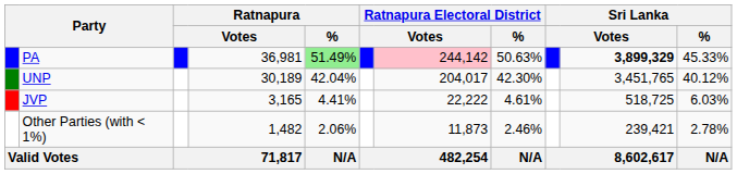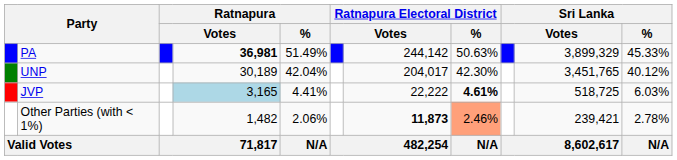 <table class="wikitable">
 <tr>
 <th colspan="2" width="144px"rowspan="2">Party</th>
 <th colspan="3" width="216px">Ratnapura</th>
 <th colspan="3" width="216px"><a href='#'>Ratnapura Electoral District</a></th>
 <th colspan="3" width="216px">Sri Lanka</th>
 </tr>
 <tr>
 <th colspan="2" width="144px">Votes</th>
 <th>%</th>
 <th colspan="2" width="144px">Votes</th>
 <th>%</th>
 <th colspan="2" width="144px">Votes</th>
 <th>%</th>
 </tr>
 <tr>
 <td style="background-color:blue;" width="10px"></td>
 <td style="text-align:left;"><a href='#'>PA</a></td>
 <td style="background-color:blue;" width="10px"></td>
-<td style="text-align:right;">36,981</td>
-<td style="background: lightgreen; text-align:right;">51.49%</td>
+<td style="text-align:right;"><strong>36,981</strong></td>
+<td style="text-align:right;">51.49%</td>
 <td style="background-color:blue;" width="10px"></td>
-<td style="background: pink; text-align:right;">244,142</td>
+<td style="text-align:right;">244,142</td>
 <td style="text-align:right;">50.63%</td>
 <td style="background-color:blue;" width="10px"></td>
-<td style="text-align:right;"><strong>3,899,329</strong></td>
+<td style="text-align:right;">3,899,329</td>
 <td style="text-align:right;">45.33%</td>
 </tr>
 <tr>
 <td style="background-color:green;" width="10px"></td>
 <td style="text-align:left;"><a href='#'>UNP</a></td>
 <td style="background-color:white;" width="10px"></td>
 <td style="text-align:right;">30,189</td>
 <td style="text-align:right;">42.04%</td>
 <td style="background-color:white;" width="10px"></td>
 <td style="text-align:right;">204,017</td>
 <td style="text-align:right;">42.30%</td>
 <td style="background-color:white;" width="10px"></td>
 <td style="text-align:right;">3,451,765</td>
 <td style="text-align:right;">40.12%</td>
 </tr>
 <tr>
 <td style="background-color:red;" width="10px"></td>
 <td style="text-align:left;"><a href='#'>JVP</a></td>
 <td style="background-color:white;" width="10px"></td>
-<td style="text-align:right;">3,165</td>
+<td style="background: lightblue; text-align:right;">3,165</td>
 <td style="text-align:right;">4.41%</td>
 <td style="background-color:white;" width="10px"></td>
 <td style="text-align:right;">22,222</td>
-<td style="text-align:right;">4.61%</td>
+<td style="text-align:right;"><strong>4.61%</strong></td>
 <td style="background-color:white;" width="10px"></td>
 <td style="text-align:right;">518,725</td>
 <td style="text-align:right;">6.03%</td>
 </tr>
 <tr>
 <td style="background-color:white;" width="10px"></td>
 <td style="text-align:left;">Other Parties (with < 1%)</td>
 <td style="background-color:white;" width="10px"></td>
 <td style="text-align:right;">1,482</td>
 <td style="text-align:right;">2.06%</td>
 <td style="background-color:white;" width="10px"></td>
-<td style="text-align:right;">11,873</td>
-<td style="text-align:right;">2.46%</td>
+<td style="text-align:right;"><strong>11,873</strong></td>
+<td style="background: lightsalmon; text-align:right;">2.46%</td>
 <td style="background-color:white;" width="10px"></td>
 <td style="text-align:right;">239,421</td>
 <td style="text-align:right;">2.78%</td>
 </tr>
 <tr>
 <th colspan="2" width="144px"style="text-align:left;">Valid Votes</th>
 <th style="text-align:right;"colspan="2" width="144px">71,817</th>
 <th style="text-align:right;">N/A</th>
 <th style="text-align:right;"colspan="2" width="144px">482,254</th>
 <th style="text-align:right;">N/A</th>
 <th style="text-align:right;"colspan="2" width="144px">8,602,617</th>
 <th style="text-align:right;">N/A</th>
 </tr>
 </table>
